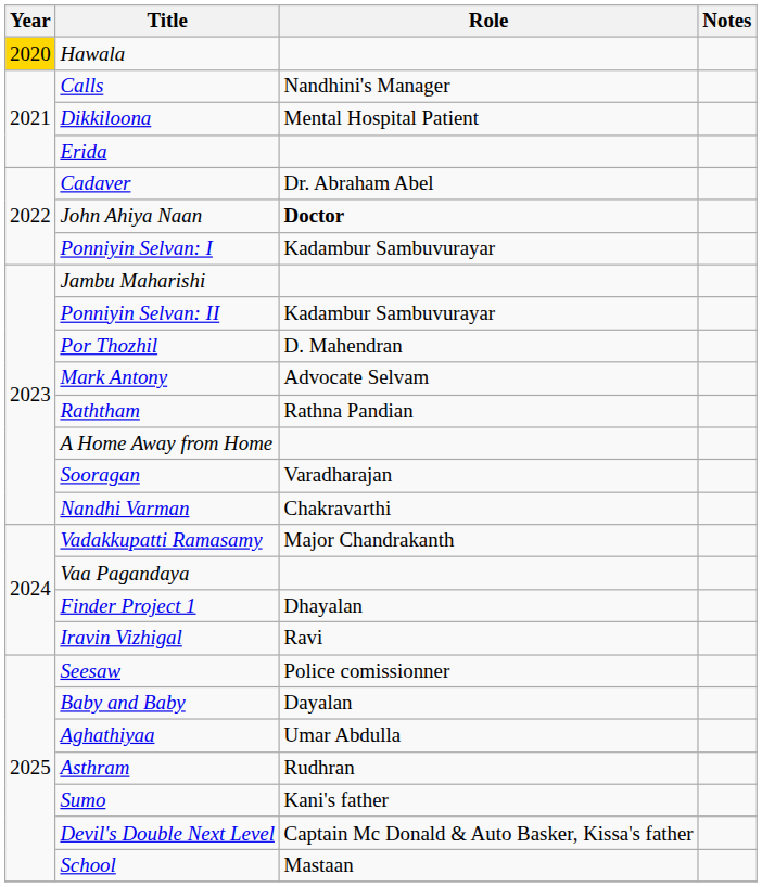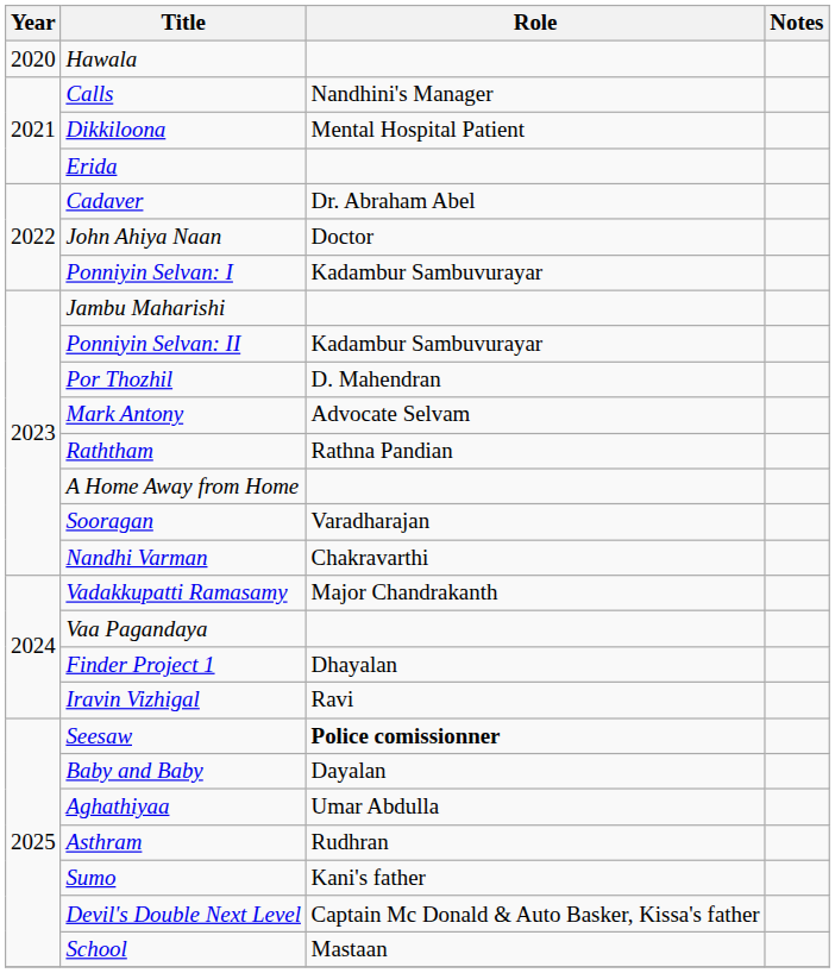 <table class="wikitable sortable">
 <tr>
 <th>Year</th>
 <th>Title</th>
 <th>Role</th>
 <th class="unsortable">Notes</th>
 </tr>
 <tr>
-<td style="background: gold;">2020</td>
+<td>2020</td>
 <td><em>Hawala</em></td>
 <td></td>
 <td></td>
 </tr>
 <tr>
 <td rowspan=3>2021</td>
 <td><em><a href='#'>Calls</a></em></td>
 <td>Nandhini's Manager</td>
 <td></td>
 </tr>
 <tr>
 <td><em><a href='#'>Dikkiloona</a></em></td>
 <td>Mental Hospital Patient</td>
 <td></td>
 </tr>
 <tr>
 <td><em><a href='#'>Erida</a></em></td>
 <td></td>
 <td></td>
 </tr>
 <tr>
 <td rowspan=3>2022</td>
 <td><em><a href='#'>Cadaver</a></em></td>
 <td>Dr. Abraham Abel</td>
 <td></td>
 </tr>
 <tr>
 <td><em>John Ahiya Naan</em></td>
-<td><strong>Doctor</strong></td>
+<td>Doctor</td>
 <td></td>
 </tr>
 <tr>
 <td><em><a href='#'>Ponniyin Selvan: I</a></em></td>
 <td>Kadambur Sambuvurayar</td>
 <td></td>
 </tr>
 <tr>
 <td rowspan=8>2023</td>
 <td><em>Jambu Maharishi</em></td>
 <td></td>
 <td></td>
 </tr>
 <tr>
 <td><em><a href='#'>Ponniyin Selvan: II</a></em></td>
 <td>Kadambur Sambuvurayar</td>
 <td></td>
 </tr>
 <tr>
 <td><em><a href='#'>Por Thozhil</a></em></td>
 <td>D. Mahendran</td>
 <td></td>
 </tr>
 <tr>
 <td><em><a href='#'>Mark Antony</a></em></td>
 <td>Advocate Selvam</td>
 <td></td>
 </tr>
 <tr>
 <td><em><a href='#'>Raththam</a></em></td>
 <td>Rathna Pandian</td>
 <td></td>
 </tr>
 <tr>
 <td><em>A Home Away from Home</em></td>
 <td></td>
 <td></td>
 </tr>
 <tr>
 <td><em><a href='#'>Sooragan</a></em></td>
 <td>Varadharajan</td>
 <td></td>
 </tr>
 <tr>
 <td><em><a href='#'>Nandhi Varman</a></em></td>
 <td>Chakravarthi</td>
 <td></td>
 </tr>
 <tr>
 <td rowspan=4>2024</td>
 <td><em><a href='#'>Vadakkupatti Ramasamy</a></em></td>
 <td>Major Chandrakanth</td>
 <td></td>
 </tr>
 <tr>
 <td><em>Vaa Pagandaya</em></td>
 <td></td>
 <td></td>
 </tr>
 <tr>
 <td><em><a href='#'>Finder Project 1</a></em></td>
 <td>Dhayalan</td>
 <td></td>
 </tr>
 <tr>
 <td><em><a href='#'>Iravin Vizhigal</a></em></td>
 <td>Ravi</td>
 <td></td>
 </tr>
 <tr>
 <td rowspan="7">2025</td>
 <td><em><a href='#'>Seesaw</a></em></td>
-<td>Police comissionner</td>
+<td><strong>Police comissionner</strong></td>
 <td></td>
 </tr>
 <tr>
 <td><em><a href='#'>Baby and Baby</a></em></td>
 <td>Dayalan</td>
 <td></td>
 </tr>
 <tr>
 <td><em><a href='#'>Aghathiyaa</a></em></td>
 <td>Umar Abdulla</td>
 <td></td>
 </tr>
 <tr>
 <td><em><a href='#'>Asthram</a></em></td>
 <td>Rudhran</td>
 <td></td>
 </tr>
 <tr>
 <td><em><a href='#'>Sumo</a></em></td>
 <td>Kani's father</td>
 <td></td>
 </tr>
 <tr>
 <td><em><a href='#'>Devil's Double Next Level</a></em></td>
 <td>Captain Mc Donald & Auto Basker, Kissa's father</td>
 <td></td>
 </tr>
 <tr>
 <td><em><a href='#'>School</a></em></td>
 <td>Mastaan</td>
 <td></td>
 </tr>
 <tr>
 </tr>
 </table>
